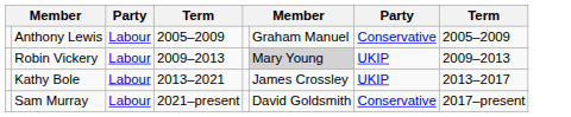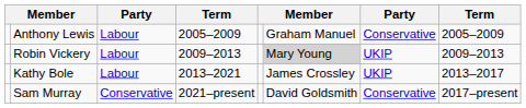 <table class="wikitable">
 <tr>
 <th colspan="2">Member</th>
 <th>Party</th>
 <th>Term</th>
 <th colspan="2">Member</th>
 <th>Party</th>
 <th>Term</th>
 </tr>
 <tr>
 <td style="background-color: "></td>
 <td>Anthony Lewis</td>
 <td><a href='#'>Labour</a></td>
 <td>2005–2009</td>
 <td style="background-color: "></td>
 <td>Graham Manuel</td>
 <td><a href='#'>Conservative</a></td>
 <td>2005–2009</td>
 </tr>
 <tr>
 <td style="background-color: "></td>
 <td>Robin Vickery</td>
 <td><a href='#'>Labour</a></td>
 <td>2009–2013</td>
 <td style="background-color: "></td>
 <td style="background: lightgrey;">Mary Young</td>
 <td><a href='#'>UKIP</a></td>
 <td>2009–2013</td>
 </tr>
 <tr>
 <td rowspan="2" style="background-color: "></td>
 <td rowspan="2">Kathy Bole</td>
 <td rowspan="2"><a href='#'>Labour</a></td>
 <td rowspan="2">2013–2021</td>
 <td style="background-color: "></td>
 <td>James Crossley</td>
 <td><a href='#'>UKIP</a></td>
 <td>2013–2017</td>
 </tr>
 <tr>
 <td rowspan="2" style="background-color: "></td>
 <td rowspan="2">David Goldsmith</td>
 <td rowspan="2"><a href='#'>Conservative</a></td>
 <td rowspan="2">2017–present</td>
 </tr>
 <tr>
 <td style="background-color: "></td>
 <td>Sam Murray</td>
-<td><a href='#'>Labour</a></td>
+<td><a href='#'>Conservative</a></td>
 <td>2021–present</td>
 </tr>
 </table>
